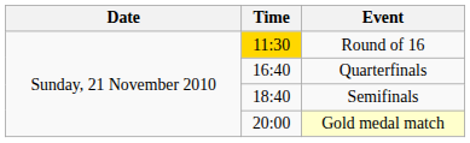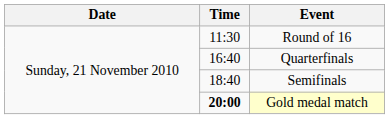 <table class = "wikitable" style="text-align:center;">
 <tr>
 <th width=220>Date</th>
 <th width=50>Time</th>
 <th width=150>Event</th>
 </tr>
 <tr>
 <td rowspan=4>Sunday, 21 November 2010</td>
-<td style="background: gold;">11:30</td>
+<td>11:30</td>
 <td>Round of 16</td>
 </tr>
 <tr>
 <td>16:40</td>
 <td>Quarterfinals</td>
 </tr>
 <tr>
 <td>18:40</td>
 <td>Semifinals</td>
 </tr>
 <tr>
-<td>20:00</td>
+<td><strong>20:00</strong></td>
 <td bgcolor=ffffcc>Gold medal match</td>
 </tr>
 </table>
